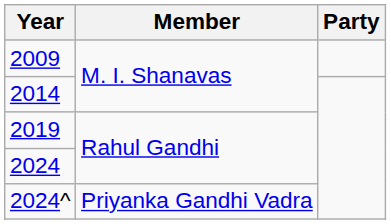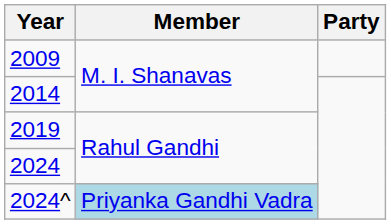 <table class="wikitable sortable">
 <tr>
 <th>Year</th>
 <th>Member</th>
 <th colspan="2">Party</th>
 </tr>
 <tr>
 <td><a href='#'>2009</a></td>
 <td rowspan="2"><a href='#'>M. I. Shanavas</a></td>
 <td></td>
 </tr>
 <tr>
 <td><a href='#'>2014</a></td>
 </tr>
 <tr>
 <td><a href='#'>2019</a></td>
 <td rowspan="2"><a href='#'>Rahul Gandhi</a></td>
 </tr>
 <tr>
 <td><a href='#'>2024</a></td>
 </tr>
 <tr>
 <td><a href='#'>2024</a>^</td>
-<td><a href='#'>Priyanka Gandhi Vadra</a></td>
+<td style="background: lightblue;"><a href='#'>Priyanka Gandhi Vadra</a></td>
 </tr>
 </table>
